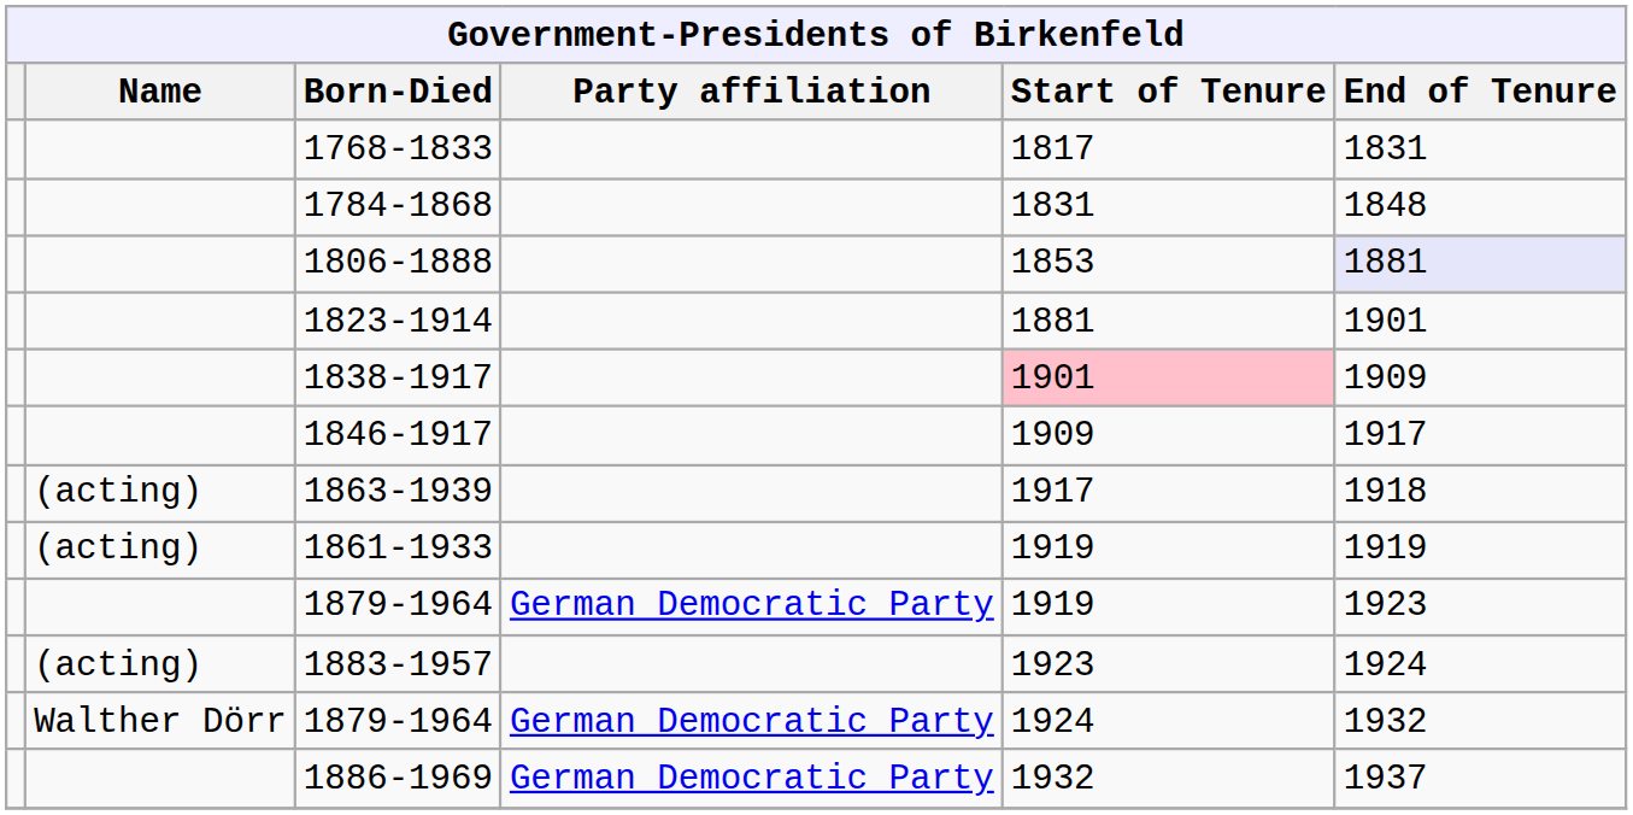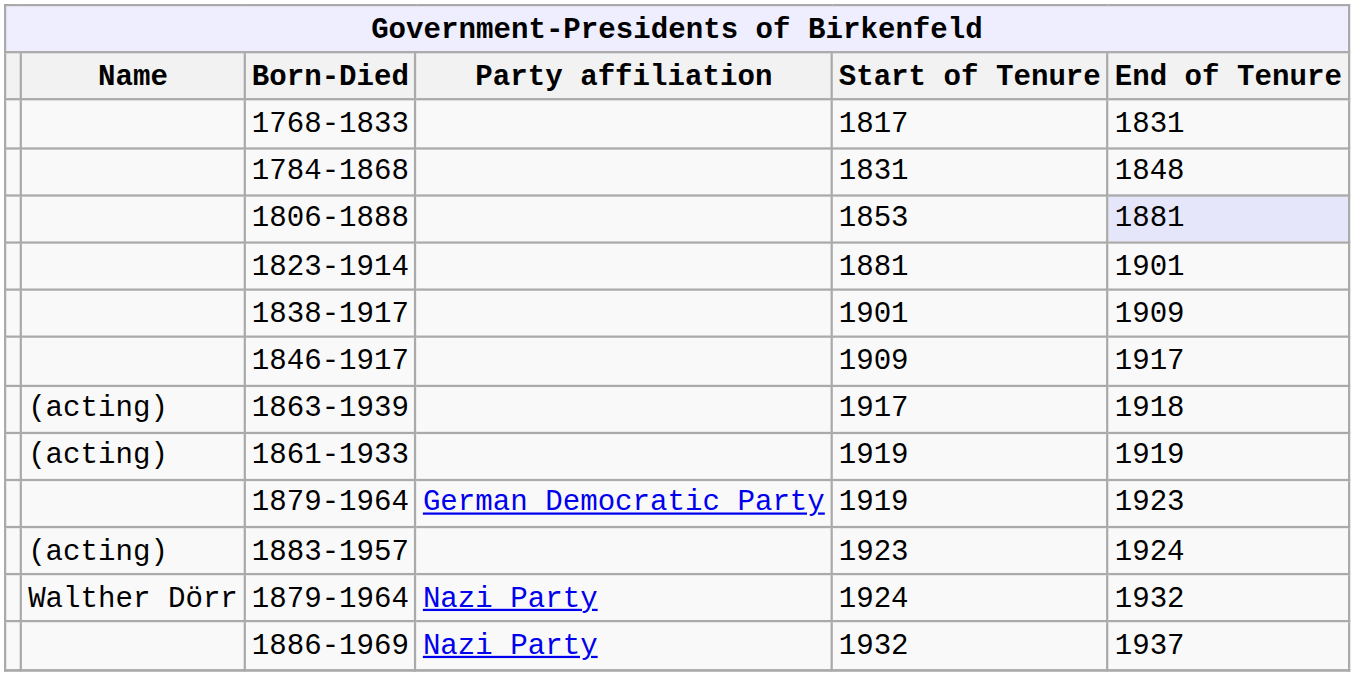 <table class="wikitable">
 <tr>
 <th colspan="8" style="background:#eef; text-align:center;">Government-Presidents of Birkenfeld</th>
 </tr>
 <tr style="background:#eef;">
 <th></th>
 <th>Name</th>
 <th>Born-Died</th>
 <th>Party affiliation</th>
 <th>Start of Tenure</th>
 <th>End of Tenure</th>
 </tr>
 <tr>
 <td></td>
 <td></td>
 <td>1768-1833</td>
 <td></td>
 <td>1817</td>
 <td>1831</td>
 </tr>
 <tr>
 <td></td>
 <td></td>
 <td>1784-1868</td>
 <td></td>
 <td>1831</td>
 <td>1848</td>
 </tr>
 <tr>
 <td></td>
 <td></td>
 <td>1806-1888</td>
 <td></td>
 <td>1853</td>
 <td style="background: lavender;">1881</td>
 </tr>
 <tr>
 <td></td>
 <td></td>
 <td>1823-1914</td>
 <td></td>
 <td>1881</td>
 <td>1901</td>
 </tr>
 <tr>
 <td></td>
 <td></td>
 <td>1838-1917</td>
 <td></td>
-<td style="background: pink;">1901</td>
+<td>1901</td>
 <td>1909</td>
 </tr>
 <tr>
 <td></td>
 <td></td>
 <td>1846-1917</td>
 <td></td>
 <td>1909</td>
 <td>1917</td>
 </tr>
 <tr>
 <td></td>
 <td> (acting)</td>
 <td>1863-1939</td>
 <td></td>
 <td>1917</td>
 <td>1918</td>
 </tr>
 <tr>
 <td></td>
 <td> (acting)</td>
 <td>1861-1933</td>
 <td></td>
 <td>1919</td>
 <td>1919</td>
 </tr>
 <tr>
 <td></td>
 <td></td>
 <td>1879-1964</td>
 <td><a href='#'>German Democratic Party</a></td>
 <td>1919</td>
 <td>1923</td>
 </tr>
 <tr>
 <td></td>
 <td> (acting)</td>
 <td>1883-1957</td>
 <td></td>
 <td>1923</td>
 <td>1924</td>
 </tr>
 <tr>
 <td></td>
 <td>Walther Dörr</td>
 <td>1879-1964</td>
-<td><a href='#'>German Democratic Party</a></td>
+<td><a href='#'>Nazi Party</a></td>
 <td>1924</td>
 <td>1932</td>
 </tr>
 <tr>
 <td width="1"></td>
 <td></td>
 <td>1886-1969</td>
-<td><a href='#'>German Democratic Party</a></td>
+<td><a href='#'>Nazi Party</a></td>
 <td>1932</td>
 <td>1937</td>
 </tr>
 <tr>
 </tr>
 </table>
